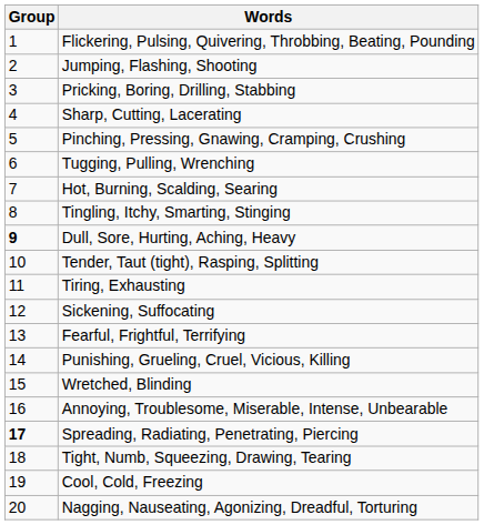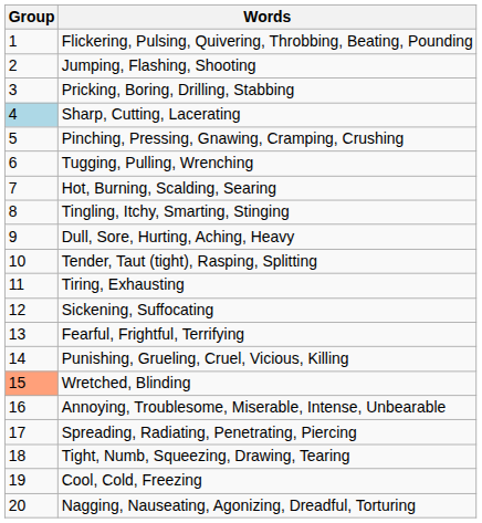 <table class="wikitable">
 <tr>
 <th>Group</th>
 <th>Words</th>
 </tr>
 <tr>
 <td>1</td>
 <td>Flickering, Pulsing, Quivering, Throbbing, Beating, Pounding</td>
 </tr>
 <tr>
 <td>2</td>
 <td>Jumping, Flashing, Shooting</td>
 </tr>
 <tr>
 <td>3</td>
 <td>Pricking, Boring, Drilling, Stabbing</td>
 </tr>
 <tr>
-<td>4</td>
+<td style="background: lightblue;">4</td>
 <td>Sharp, Cutting, Lacerating</td>
 </tr>
 <tr>
 <td>5</td>
 <td>Pinching, Pressing, Gnawing, Cramping, Crushing</td>
 </tr>
 <tr>
 <td>6</td>
 <td>Tugging, Pulling, Wrenching</td>
 </tr>
 <tr>
 <td>7</td>
 <td>Hot, Burning, Scalding, Searing</td>
 </tr>
 <tr>
 <td>8</td>
 <td>Tingling, Itchy, Smarting, Stinging</td>
 </tr>
 <tr>
-<td><strong>9</strong></td>
+<td>9</td>
 <td>Dull, Sore, Hurting, Aching, Heavy</td>
 </tr>
 <tr>
 <td>10</td>
 <td>Tender, Taut (tight), Rasping, Splitting</td>
 </tr>
 <tr>
 <td>11</td>
 <td>Tiring, Exhausting</td>
 </tr>
 <tr>
 <td>12</td>
 <td>Sickening, Suffocating</td>
 </tr>
 <tr>
 <td>13</td>
 <td>Fearful, Frightful, Terrifying</td>
 </tr>
 <tr>
 <td>14</td>
 <td>Punishing, Grueling, Cruel, Vicious, Killing</td>
 </tr>
 <tr>
-<td>15</td>
+<td style="background: lightsalmon;">15</td>
 <td>Wretched, Blinding</td>
 </tr>
 <tr>
 <td>16</td>
 <td>Annoying, Troublesome, Miserable, Intense, Unbearable</td>
 </tr>
 <tr>
-<td><strong>17</strong></td>
+<td>17</td>
 <td>Spreading, Radiating, Penetrating, Piercing</td>
 </tr>
 <tr>
 <td>18</td>
 <td>Tight, Numb, Squeezing, Drawing, Tearing</td>
 </tr>
 <tr>
 <td>19</td>
 <td>Cool, Cold, Freezing</td>
 </tr>
 <tr>
 <td>20</td>
 <td>Nagging, Nauseating, Agonizing, Dreadful, Torturing</td>
 </tr>
 </table>
